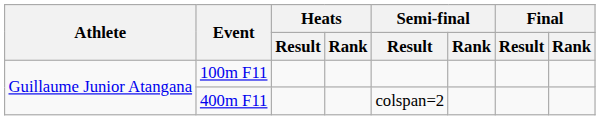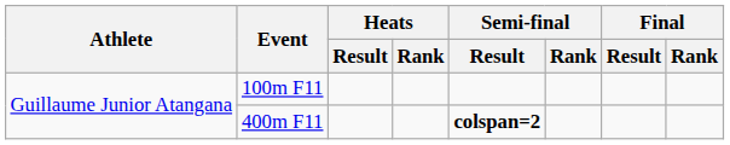 <table class=wikitable style="font-size:90%">
 <tr>
 <th rowspan="2">Athlete</th>
 <th rowspan="2">Event</th>
 <th colspan="2">Heats</th>
 <th colspan="2">Semi-final</th>
 <th colspan="2">Final</th>
 </tr>
 <tr>
 <th>Result</th>
 <th>Rank</th>
 <th>Result</th>
 <th>Rank</th>
 <th>Result</th>
 <th>Rank</th>
 </tr>
 <tr align=center>
 <td align=left rowspan=2><a href='#'>Guillaume Junior Atangana</a></td>
 <td align=left><a href='#'>100m F11</a></td>
 <td></td>
 <td></td>
 <td></td>
 <td></td>
 <td></td>
 <td></td>
 </tr>
 <tr align=center>
 <td align=left><a href='#'>400m F11</a></td>
 <td></td>
 <td></td>
-<td>colspan=2</td>
+<td><strong>colspan=2</strong></td>
 <td></td>
 <td></td>
 </tr>
 </table>
